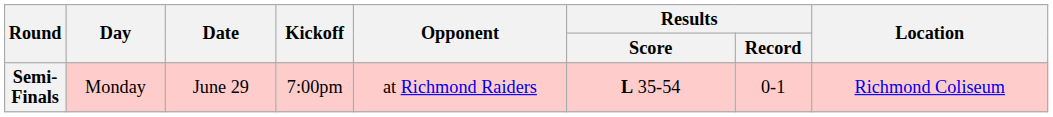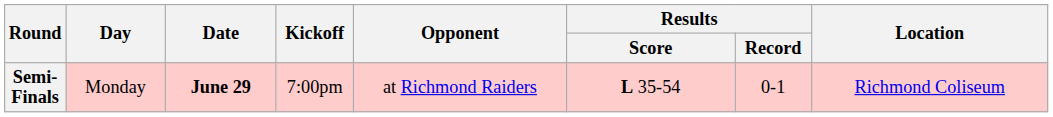 <table class="wikitable">
 <tr>
 <th rowspan="2" width="40">Round</th>
 <th rowspan="2" width="80">Day</th>
 <th rowspan="2" width="90">Date</th>
 <th rowspan="2" width="60">Kickoff</th>
 <th rowspan="2" width="180">Opponent</th>
 <th colspan="2" width="200">Results</th>
 <th rowspan="2" width="200">Location</th>
 </tr>
 <tr>
 <th width="140">Score</th>
 <th width="60">Record</th>
 </tr>
 <tr align="center" bgcolor="#FFCCCC">
 <th>Semi-Finals</th>
 <td>Monday</td>
-<td>June 29</td>
+<td><strong>June 29</strong></td>
 <td>7:00pm</td>
 <td>at <a href='#'>Richmond Raiders</a></td>
 <td><strong>L</strong> 35-54</td>
 <td>0-1</td>
 <td><a href='#'>Richmond Coliseum</a></td>
 </tr>
 </table>
